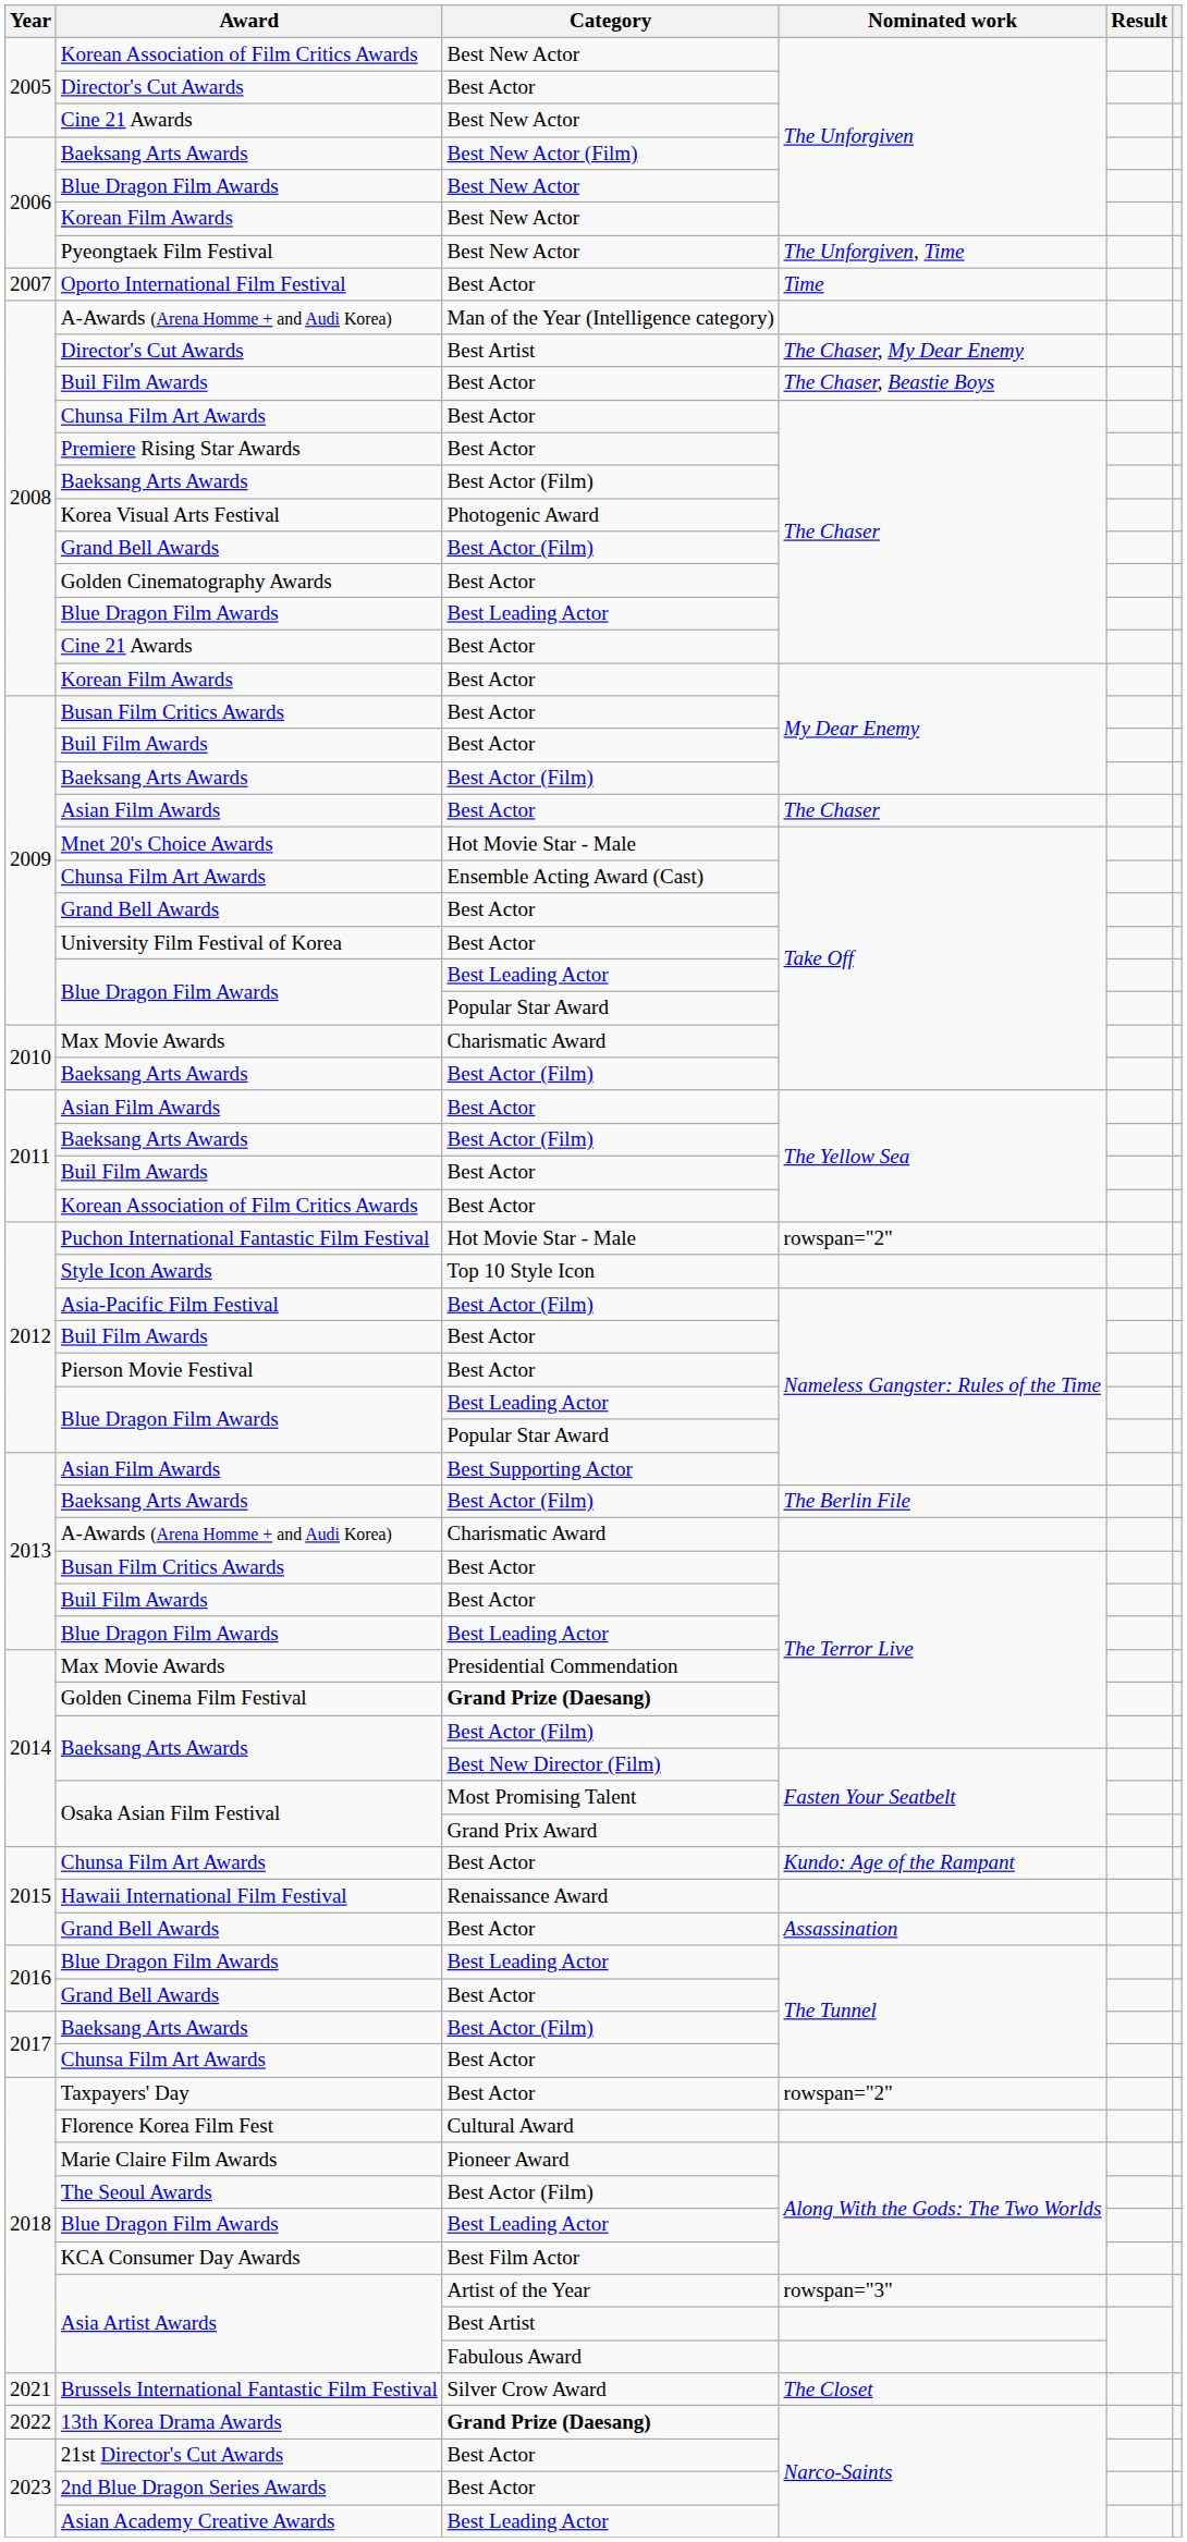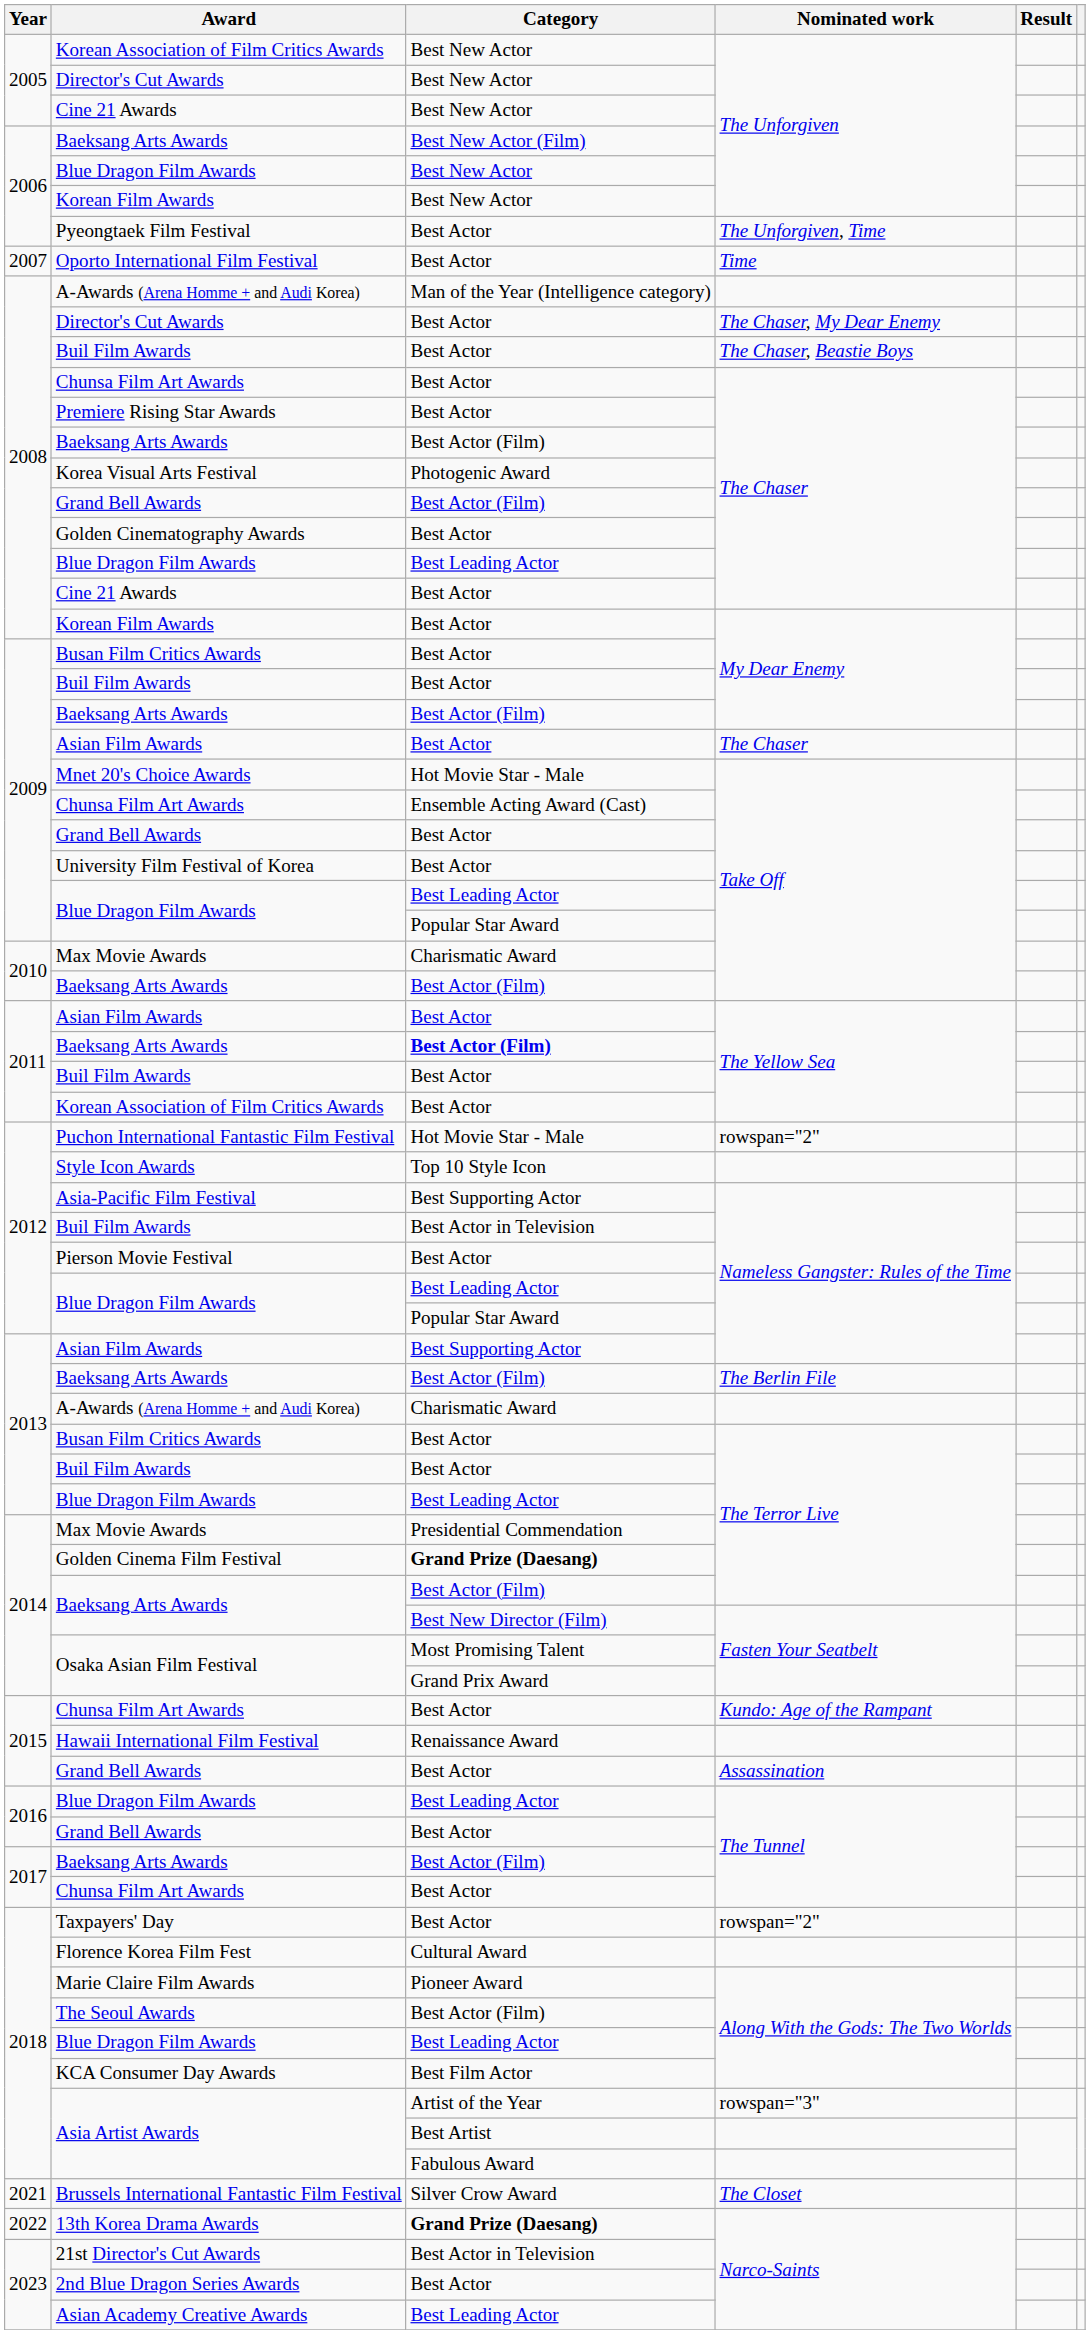 <table class="wikitable sortable">
 <tr>
 <th>Year</th>
 <th>Award</th>
 <th>Category</th>
 <th>Nominated work</th>
 <th>Result</th>
 <th class="unsortable"></th>
 </tr>
 <tr>
 <td rowspan="3">2005</td>
 <td><a href='#'>Korean Association of Film Critics Awards</a></td>
 <td>Best New Actor</td>
 <td rowspan="6"><em><a href='#'>The Unforgiven</a></em></td>
 <td></td>
 <td></td>
 </tr>
 <tr>
 <td><a href='#'>Director's Cut Awards</a></td>
-<td>Best Actor</td>
+<td>Best New Actor</td>
 <td></td>
 <td align="center"></td>
 </tr>
 <tr>
 <td><a href='#'>Cine 21</a> Awards</td>
 <td>Best New Actor</td>
 <td></td>
 <td></td>
 </tr>
 <tr>
 <td rowspan="4">2006</td>
 <td><a href='#'>Baeksang Arts Awards</a></td>
 <td><a href='#'>Best New Actor (Film)</a></td>
 <td></td>
 <td></td>
 </tr>
 <tr>
 <td><a href='#'>Blue Dragon Film Awards</a></td>
 <td><a href='#'>Best New Actor</a></td>
 <td></td>
 <td></td>
 </tr>
 <tr>
 <td><a href='#'>Korean Film Awards</a></td>
 <td>Best New Actor</td>
 <td></td>
 <td></td>
 </tr>
 <tr>
 <td>Pyeongtaek Film Festival</td>
-<td>Best New Actor</td>
+<td>Best Actor</td>
 <td><em><a href='#'>The Unforgiven</a>, <a href='#'>Time</a></em></td>
 <td></td>
 <td></td>
 </tr>
 <tr>
 <td>2007</td>
 <td><a href='#'>Oporto International Film Festival</a></td>
 <td>Best Actor</td>
 <td><em><a href='#'>Time</a></em></td>
 <td></td>
 <td align="center"></td>
 </tr>
 <tr>
 <td rowspan="12">2008</td>
 <td>A-Awards <small>(<a href='#'>Arena Homme +</a> and <a href='#'>Audi</a> Korea)</small></td>
 <td>Man of the Year (Intelligence category)</td>
 <td></td>
 <td></td>
 <td align="center"></td>
 </tr>
 <tr>
 <td><a href='#'>Director's Cut Awards</a></td>
-<td>Best Artist</td>
+<td>Best Actor</td>
 <td><em><a href='#'>The Chaser</a>, <a href='#'>My Dear Enemy</a></em></td>
 <td></td>
 <td align="center"></td>
 </tr>
 <tr>
 <td><a href='#'>Buil Film Awards</a></td>
 <td>Best Actor</td>
 <td><em><a href='#'>The Chaser</a>, <a href='#'>Beastie Boys</a></em></td>
 <td></td>
 <td></td>
 </tr>
 <tr>
 <td><a href='#'>Chunsa Film Art Awards</a></td>
 <td>Best Actor</td>
 <td rowspan="8"><em><a href='#'>The Chaser</a></em></td>
 <td></td>
 <td></td>
 </tr>
 <tr>
 <td><a href='#'>Premiere</a> Rising Star Awards</td>
 <td>Best Actor</td>
 <td></td>
 <td align="center"></td>
 </tr>
 <tr>
 <td><a href='#'>Baeksang Arts Awards</a></td>
 <td>Best Actor (Film)</td>
 <td></td>
 <td></td>
 </tr>
 <tr>
 <td>Korea Visual Arts Festival</td>
 <td>Photogenic Award</td>
 <td></td>
 <td align="center"></td>
 </tr>
 <tr>
 <td><a href='#'>Grand Bell Awards</a></td>
 <td><a href='#'>Best Actor (Film)</a></td>
 <td></td>
 <td></td>
 </tr>
 <tr>
 <td>Golden Cinematography Awards</td>
 <td>Best Actor</td>
 <td></td>
 <td align="center"></td>
 </tr>
 <tr>
 <td><a href='#'>Blue Dragon Film Awards</a></td>
 <td><a href='#'>Best Leading Actor</a></td>
 <td></td>
 <td></td>
 </tr>
 <tr>
 <td><a href='#'>Cine 21</a> Awards</td>
 <td>Best Actor</td>
 <td></td>
 <td></td>
 </tr>
 <tr>
 <td><a href='#'>Korean Film Awards</a></td>
 <td>Best Actor</td>
 <td rowspan="4"><em><a href='#'>My Dear Enemy</a></em></td>
 <td></td>
 <td></td>
 </tr>
 <tr>
 <td rowspan="10">2009</td>
 <td><a href='#'>Busan Film Critics Awards</a></td>
 <td>Best Actor</td>
 <td></td>
 <td align="center"></td>
 </tr>
 <tr>
 <td><a href='#'>Buil Film Awards</a></td>
 <td>Best Actor</td>
 <td></td>
 <td></td>
 </tr>
 <tr>
 <td><a href='#'>Baeksang Arts Awards</a></td>
 <td><a href='#'>Best Actor (Film)</a></td>
 <td></td>
 <td></td>
 </tr>
 <tr>
 <td><a href='#'>Asian Film Awards</a></td>
 <td><a href='#'>Best Actor</a></td>
 <td><em><a href='#'>The Chaser</a></em></td>
 <td></td>
 <td></td>
 </tr>
 <tr>
 <td><a href='#'>Mnet 20's Choice Awards</a></td>
 <td>Hot Movie Star - Male</td>
 <td rowspan="8"><em><a href='#'>Take Off</a></em></td>
 <td></td>
 <td></td>
 </tr>
 <tr>
 <td><a href='#'>Chunsa Film Art Awards</a></td>
 <td>Ensemble Acting Award (Cast)</td>
 <td></td>
 <td></td>
 </tr>
 <tr>
 <td><a href='#'>Grand Bell Awards</a></td>
 <td>Best Actor</td>
 <td></td>
 <td></td>
 </tr>
 <tr>
 <td>University Film Festival of Korea</td>
 <td>Best Actor</td>
 <td></td>
 <td align="center"></td>
 </tr>
 <tr>
 <td rowspan="2"><a href='#'>Blue Dragon Film Awards</a></td>
 <td><a href='#'>Best Leading Actor</a></td>
 <td></td>
 <td></td>
 </tr>
 <tr>
 <td>Popular Star Award</td>
 <td></td>
 <td></td>
 </tr>
 <tr>
 <td rowspan="2">2010</td>
 <td>Max Movie Awards</td>
 <td>Charismatic Award</td>
 <td></td>
 <td align="center"></td>
 </tr>
 <tr>
 <td><a href='#'>Baeksang Arts Awards</a></td>
 <td><a href='#'>Best Actor (Film)</a></td>
 <td></td>
 <td align="center"></td>
 </tr>
 <tr>
 <td rowspan="4">2011</td>
 <td><a href='#'>Asian Film Awards</a></td>
 <td><a href='#'>Best Actor</a></td>
 <td rowspan="4"><em><a href='#'>The Yellow Sea</a></em></td>
 <td></td>
 <td align="center"></td>
 </tr>
 <tr>
 <td><a href='#'>Baeksang Arts Awards</a></td>
-<td><a href='#'>Best Actor (Film)</a></td>
+<td><strong><a href='#'>Best Actor (Film)</a></strong></td>
 <td></td>
 <td align="center"></td>
 </tr>
 <tr>
 <td><a href='#'>Buil Film Awards</a></td>
 <td>Best Actor</td>
 <td></td>
 <td></td>
 </tr>
 <tr>
 <td><a href='#'>Korean Association of Film Critics Awards</a></td>
 <td>Best Actor</td>
 <td></td>
 <td align="center"></td>
 </tr>
 <tr>
 <td rowspan="7">2012</td>
 <td><a href='#'>Puchon International Fantastic Film Festival</a></td>
 <td>Hot Movie Star - Male</td>
 <td>rowspan="2" </td>
 <td></td>
 <td align="center"></td>
 </tr>
 <tr>
 <td><a href='#'>Style Icon Awards</a></td>
 <td>Top 10 Style Icon</td>
 <td></td>
 <td></td>
 </tr>
 <tr>
 <td><a href='#'>Asia-Pacific Film Festival</a></td>
-<td><a href='#'>Best Actor (Film)</a></td>
+<td>Best Supporting Actor</td>
 <td rowspan="6"><em><a href='#'>Nameless Gangster: Rules of the Time</a></em></td>
 <td></td>
 <td></td>
 </tr>
 <tr>
 <td><a href='#'>Buil Film Awards</a></td>
-<td>Best Actor</td>
+<td>Best Actor in Television</td>
 <td></td>
 <td></td>
 </tr>
 <tr>
 <td>Pierson Movie Festival</td>
 <td>Best Actor</td>
 <td></td>
 <td align="center"></td>
 </tr>
 <tr>
 <td rowspan="2"><a href='#'>Blue Dragon Film Awards</a></td>
 <td><a href='#'>Best Leading Actor</a></td>
 <td></td>
 <td></td>
 </tr>
 <tr>
 <td>Popular Star Award</td>
 <td></td>
 <td align="center"></td>
 </tr>
 <tr>
 <td rowspan="6">2013</td>
 <td><a href='#'>Asian Film Awards</a></td>
 <td><a href='#'>Best Supporting Actor</a></td>
 <td></td>
 <td></td>
 </tr>
 <tr>
 <td><a href='#'>Baeksang Arts Awards</a></td>
 <td><a href='#'>Best Actor (Film)</a></td>
 <td><em><a href='#'>The Berlin File</a></em></td>
 <td></td>
 <td align="center"></td>
 </tr>
 <tr>
 <td>A-Awards <small>(<a href='#'>Arena Homme +</a> and <a href='#'>Audi</a> Korea)</small></td>
 <td>Charismatic Award</td>
 <td></td>
 <td></td>
 <td></td>
 </tr>
 <tr>
 <td><a href='#'>Busan Film Critics Awards</a></td>
 <td>Best Actor</td>
 <td rowspan="6"><em><a href='#'>The Terror Live</a></em></td>
 <td></td>
 <td></td>
 </tr>
 <tr>
 <td><a href='#'>Buil Film Awards</a></td>
 <td>Best Actor</td>
 <td></td>
 <td></td>
 </tr>
 <tr>
 <td><a href='#'>Blue Dragon Film Awards</a></td>
 <td><a href='#'>Best Leading Actor</a></td>
 <td></td>
 <td></td>
 </tr>
 <tr>
 <td rowspan="6">2014</td>
 <td>Max Movie Awards</td>
 <td>Presidential Commendation</td>
 <td></td>
 <td></td>
 </tr>
 <tr>
 <td>Golden Cinema Film Festival</td>
 <td><strong>Grand Prize (Daesang)</strong></td>
 <td></td>
 <td></td>
 </tr>
 <tr>
 <td rowspan="2"><a href='#'>Baeksang Arts Awards</a></td>
 <td><a href='#'>Best Actor (Film)</a></td>
 <td></td>
 <td></td>
 </tr>
 <tr>
 <td><a href='#'>Best New Director (Film)</a></td>
 <td rowspan="3"><em><a href='#'>Fasten Your Seatbelt</a></em></td>
 <td></td>
 <td></td>
 </tr>
 <tr>
 <td rowspan="2">Osaka Asian Film Festival</td>
 <td>Most Promising Talent</td>
 <td></td>
 <td align="center"></td>
 </tr>
 <tr>
 <td>Grand Prix Award</td>
 <td></td>
 <td></td>
 </tr>
 <tr>
 <td rowspan="3">2015</td>
 <td><a href='#'>Chunsa Film Art Awards</a></td>
 <td>Best Actor</td>
 <td><em><a href='#'>Kundo: Age of the Rampant</a></em></td>
 <td></td>
 <td align="center"></td>
 </tr>
 <tr>
 <td><a href='#'>Hawaii International Film Festival</a></td>
 <td>Renaissance Award</td>
 <td></td>
 <td></td>
 <td align="center"></td>
 </tr>
 <tr>
 <td><a href='#'>Grand Bell Awards</a></td>
 <td>Best Actor</td>
 <td><em><a href='#'>Assassination</a></em></td>
 <td></td>
 <td></td>
 </tr>
 <tr>
 <td rowspan="2">2016</td>
 <td><a href='#'>Blue Dragon Film Awards</a></td>
 <td><a href='#'>Best Leading Actor</a></td>
 <td rowspan="4"><a href='#'><em>The Tunnel</em></a></td>
 <td></td>
 <td></td>
 </tr>
 <tr>
 <td><a href='#'>Grand Bell Awards</a></td>
 <td>Best Actor</td>
 <td></td>
 <td></td>
 </tr>
 <tr>
 <td rowspan="2">2017</td>
 <td><a href='#'>Baeksang Arts Awards</a></td>
 <td><a href='#'>Best Actor (Film)</a></td>
 <td></td>
 <td></td>
 </tr>
 <tr>
 <td><a href='#'>Chunsa Film Art Awards</a></td>
 <td>Best Actor</td>
 <td></td>
 <td align="center"></td>
 </tr>
 <tr>
 <td rowspan="9">2018</td>
 <td>Taxpayers' Day</td>
 <td>Best Actor</td>
 <td>rowspan="2" </td>
 <td></td>
 <td align="center"></td>
 </tr>
 <tr>
 <td>Florence Korea Film Fest</td>
 <td>Cultural Award</td>
 <td></td>
 <td align="center"></td>
 </tr>
 <tr>
 <td>Marie Claire Film Awards</td>
 <td>Pioneer Award</td>
 <td rowspan="4"><em><a href='#'>Along With the Gods: The Two Worlds</a></em></td>
 <td></td>
 <td></td>
 </tr>
 <tr>
 <td><a href='#'>The Seoul Awards</a></td>
 <td>Best Actor (Film)</td>
 <td></td>
 <td align="center"></td>
 </tr>
 <tr>
 <td><a href='#'>Blue Dragon Film Awards</a></td>
 <td><a href='#'>Best Leading Actor</a></td>
 <td></td>
 <td align="center"></td>
 </tr>
 <tr>
 <td>KCA Consumer Day Awards</td>
 <td>Best Film Actor</td>
 <td></td>
 <td align="center"></td>
 </tr>
 <tr>
 <td rowspan="3"><a href='#'>Asia Artist Awards</a></td>
 <td>Artist of the Year</td>
 <td>rowspan="3" </td>
 <td></td>
 <td rowspan="3" align="center"></td>
 </tr>
 <tr>
 <td>Best Artist</td>
 <td></td>
 </tr>
 <tr>
 <td>Fabulous Award</td>
 <td></td>
 </tr>
 <tr>
 <td>2021</td>
 <td><a href='#'>Brussels International Fantastic Film Festival</a></td>
 <td>Silver Crow Award</td>
 <td><em><a href='#'>The Closet</a></em></td>
 <td></td>
 <td align="center"></td>
 </tr>
 <tr>
 <td>2022</td>
 <td><a href='#'>13th Korea Drama Awards</a></td>
 <td><strong>Grand Prize (Daesang)</strong></td>
 <td rowspan="4"><em><a href='#'>Narco-Saints</a></em></td>
 <td></td>
 <td align="center"></td>
 </tr>
 <tr>
 <td rowspan="3">2023</td>
 <td>21st <a href='#'>Director's Cut Awards</a></td>
-<td>Best Actor</td>
+<td>Best Actor in Television</td>
 <td></td>
 <td rowspan="1" align="center"></td>
 </tr>
 <tr>
 <td><a href='#'>2nd Blue Dragon Series Awards</a></td>
 <td>Best Actor</td>
 <td></td>
 <td rowspan="1" align="center"></td>
 </tr>
 <tr>
 <td><a href='#'>Asian Academy Creative Awards</a></td>
 <td><a href='#'>Best Leading Actor</a></td>
 <td></td>
 <td style="text-align:center"></td>
 </tr>
 </table>
